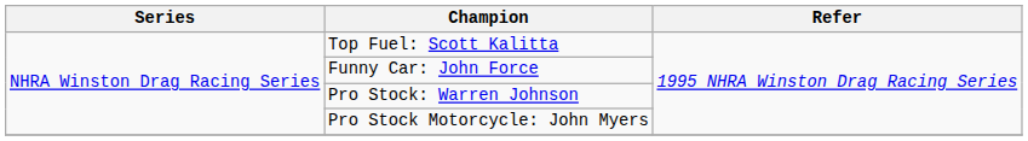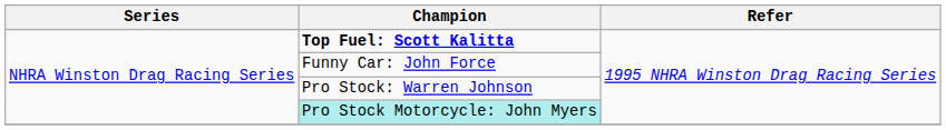 <table class="wikitable" style="font-size:87%;">
 <tr>
 <th>Series</th>
 <th>Champion</th>
 <th>Refer</th>
 </tr>
 <tr>
 <td rowspan=4><a href='#'>NHRA Winston Drag Racing Series</a></td>
-<td>Top Fuel:  <a href='#'>Scott Kalitta</a></td>
+<td><strong>Top Fuel:  <a href='#'>Scott Kalitta</a></strong></td>
 <td rowspan=4><em><a href='#'>1995 NHRA Winston Drag Racing Series</a></em></td>
 </tr>
 <tr>
 <td>Funny Car:  <a href='#'>John Force</a></td>
 </tr>
 <tr>
 <td>Pro Stock:  <a href='#'>Warren Johnson</a></td>
 </tr>
 <tr>
-<td>Pro Stock Motorcycle:  John Myers</td>
+<td style="background: paleturquoise;">Pro Stock Motorcycle:  John Myers</td>
 </tr>
 <tr>
 </tr>
 </table>
